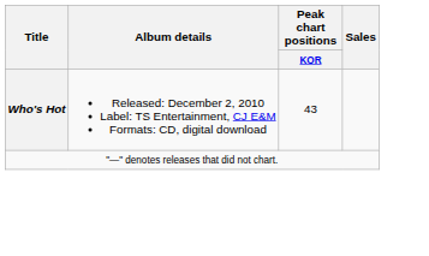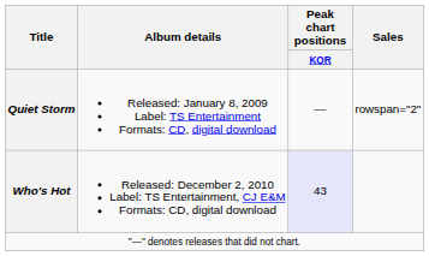 <table class="wikitable plainrowheaders" style="text-align:center;">
 <tr>
 <th scope="col" rowspan="2">Title</th>
 <th scope="col" rowspan="2">Album details</th>
 <th scope="col" colspan="1" style="width:5em;">Peak chart positions</th>
 <th scope="col" rowspan="2">Sales</th>
 </tr>
 <tr>
 <th><small><a href='#'>KOR</a></small><br></th>
 </tr>
 <tr>
+<th scope="row"><em>Quiet Storm</em></th>
+<td><br><ul><li>Released: January 8, 2009</li><li>Label: <a href='#'>TS Entertainment</a></li><li>Formats: <a href='#'>CD</a>, <a href='#'>digital download</a></li></ul></td>
+<td>—</td>
+<td>rowspan="2" </td>
+</tr>
+<tr>
 <th scope="row"><em>Who's Hot</em></th>
 <td><br><ul><li>Released: December 2, 2010</li><li>Label: TS Entertainment, <a href='#'>CJ E&M</a></li><li>Formats: CD, digital download</li></ul></td>
-<td>43</td>
+<td style="background: lavender;">43</td>
 </tr>
 <tr>
 <td colspan="4" align="center"><small>"—" denotes releases that did not chart.</small></td>
 </tr>
 </table>
